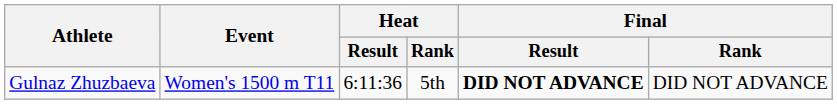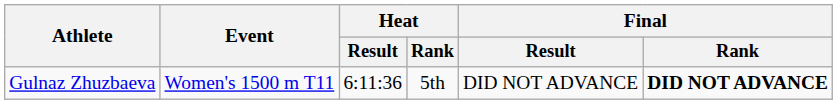 <table class="wikitable" style="font-size:90%">
 <tr>
 <th rowspan="2">Athlete</th>
 <th rowspan="2">Event</th>
 <th colspan="2">Heat</th>
 <th colspan="2">Final</th>
 </tr>
 <tr style="font-size:95%">
 <th>Result</th>
 <th>Rank</th>
 <th>Result</th>
 <th>Rank</th>
 </tr>
 <tr align=center>
 <td align=left><a href='#'>Gulnaz Zhuzbaeva</a></td>
 <td align=left><a href='#'>Women's 1500 m T11</a></td>
 <td>6:11:36</td>
 <td>5th</td>
+<td>DID NOT ADVANCE</td>
 <td><strong>DID NOT ADVANCE</strong></td>
-<td>DID NOT ADVANCE</td>
 </tr>
 </table>
